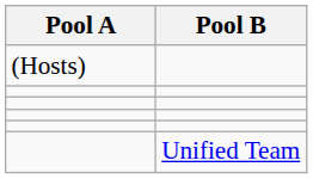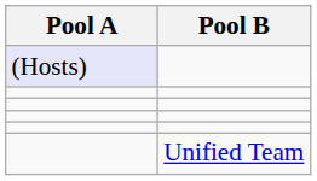 <table class="wikitable">
 <tr>
 <th width=50%>Pool A</th>
 <th width=50%>Pool B</th>
 </tr>
 <tr>
-<td> (Hosts)</td>
+<td style="background: lavender;"> (Hosts)</td>
 <td></td>
 </tr>
 <tr>
 <td></td>
 <td></td>
 </tr>
 <tr>
 <td></td>
 <td></td>
 </tr>
 <tr>
 <td></td>
 <td></td>
 </tr>
 <tr>
 <td></td>
 <td></td>
 </tr>
 <tr>
 <td></td>
 <td> <a href='#'>Unified Team</a></td>
 </tr>
 </table>
